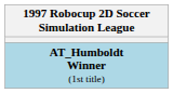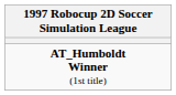 <table class="wikitable" style="margin: 0 auto; width: 220px;">
 <tr>
 <th>1997 Robocup 2D Soccer Simulation League</th>
 </tr>
 <tr>
 <th></th>
 </tr>
 <tr>
-<td align="center" style="background: lightblue;"><strong>AT_Humboldt</strong><br><strong>Winner</strong><br><small>(1st title)</small></td>
+<td align="center"><strong>AT_Humboldt</strong><br><strong>Winner</strong><br><small>(1st title)</small></td>
 </tr>
 </table>
